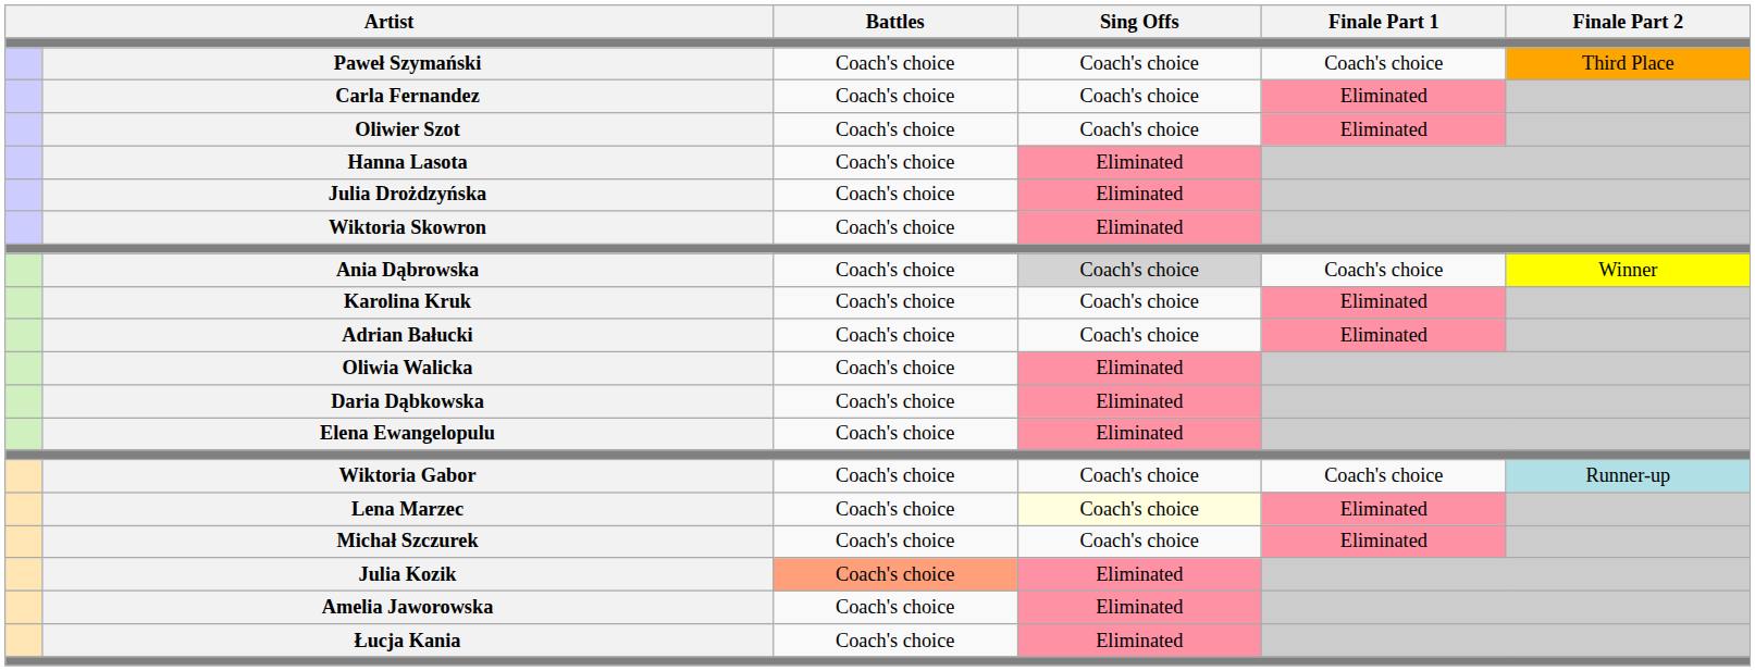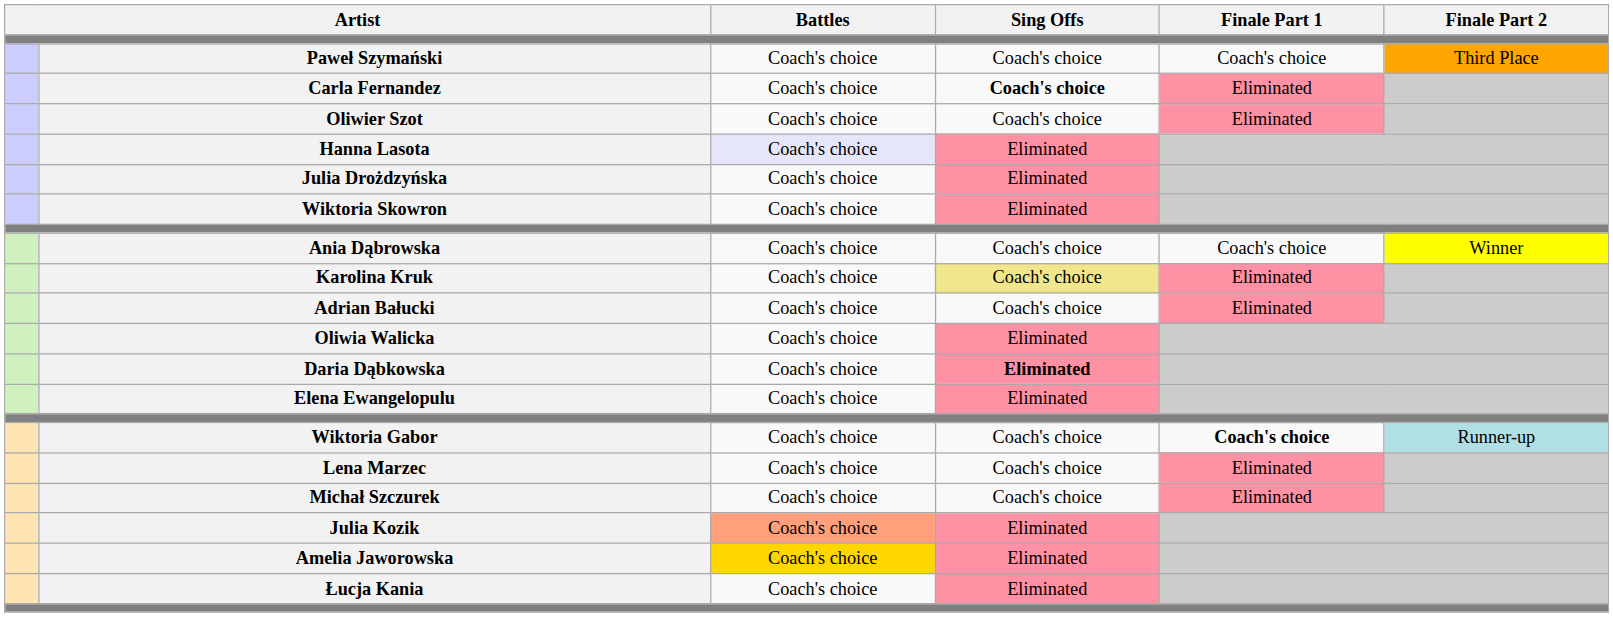 <table class="wikitable"  style="font-size:90%; text-align:center; width:100%;">
 <tr>
 <th colspan="2">Artist</th>
 <th style="width:14%;">Battles</th>
 <th style="width:14%;">Sing Offs</th>
 <th style="width:14%;">Finale Part 1</th>
 <th style="width:14%;">Finale Part 2</th>
 </tr>
 <tr>
 <th colspan="6" style="background:gray;"></th>
 </tr>
 <tr>
 <th style="background:#ccf;"></th>
 <th>Paweł Szymański</th>
 <td>Coach's choice</td>
 <td>Coach's choice</td>
 <td>Coach's choice</td>
 <td bgcolor=orange>Third Place</td>
 </tr>
 <tr>
 <th style="background:#ccf;"></th>
 <th>Carla Fernandez</th>
 <td>Coach's choice</td>
-<td>Coach's choice</td>
+<td><strong>Coach's choice</strong></td>
 <td style="background:#FF91A4;">Eliminated</td>
 <td style="background:#ccc;"></td>
 </tr>
 <tr>
 <th style="background:#ccf;"></th>
 <th>Oliwier Szot</th>
 <td>Coach's choice</td>
 <td>Coach's choice</td>
 <td style="background:#FF91A4;">Eliminated</td>
 <td style="background:#ccc;"></td>
 </tr>
 <tr>
 <th style="background:#ccf;"></th>
 <th>Hanna Lasota</th>
-<td>Coach's choice</td>
+<td style="background: lavender;">Coach's choice</td>
 <td style="background:#FF91A4;">Eliminated</td>
 <td colspan="2" style="background:#ccc;"></td>
 </tr>
 <tr>
 <th style="background:#ccf;"></th>
 <th>Julia Drożdzyńska</th>
 <td>Coach's choice</td>
 <td style="background:#FF91A4;">Eliminated</td>
 <td colspan="2" style="background:#ccc;"></td>
 </tr>
 <tr>
 <th style="background:#ccf;"></th>
 <th>Wiktoria Skowron</th>
 <td>Coach's choice</td>
 <td style="background:#FF91A4;">Eliminated</td>
 <td colspan="2" style="background:#ccc;"></td>
 </tr>
 <tr>
 <th colspan="6" style="background:gray;"></th>
 </tr>
 <tr>
 <th style="background:#d0f0c0;"></th>
 <th>Ania Dąbrowska</th>
 <td>Coach's choice</td>
-<td style="background: lightgrey;">Coach's choice</td>
+<td>Coach's choice</td>
 <td>Coach's choice</td>
 <td bgcolor=yellow>Winner</td>
 </tr>
 <tr>
 <th style="background:#d0f0c0;"></th>
 <th>Karolina Kruk</th>
 <td>Coach's choice</td>
-<td>Coach's choice</td>
+<td style="background: khaki;">Coach's choice</td>
 <td style="background:#FF91A4;">Eliminated</td>
 <td style="background:#ccc;"></td>
 </tr>
 <tr>
 <th style="background:#d0f0c0;"></th>
 <th>Adrian Bałucki</th>
 <td>Coach's choice</td>
 <td>Coach's choice</td>
 <td style="background:#FF91A4;">Eliminated</td>
 <td style="background:#ccc;"></td>
 </tr>
 <tr>
 <th style="background:#d0f0c0;"></th>
 <th>Oliwia Walicka</th>
 <td>Coach's choice</td>
 <td style="background:#FF91A4;">Eliminated</td>
 <td colspan="2" style="background:#ccc;"></td>
 </tr>
 <tr>
 <th style="background:#d0f0c0;"></th>
 <th>Daria Dąbkowska</th>
 <td>Coach's choice</td>
-<td style="background:#FF91A4;">Eliminated</td>
+<td style="background:#FF91A4;"><strong>Eliminated</strong></td>
 <td colspan="2" style="background:#ccc;"></td>
 </tr>
 <tr>
 <th style="background:#d0f0c0;"></th>
 <th>Elena Ewangelopulu</th>
 <td>Coach's choice</td>
 <td style="background:#FF91A4;">Eliminated</td>
 <td colspan="2" style="background:#ccc;"></td>
 </tr>
 <tr>
 <th colspan="9" style="background:gray;"></th>
 </tr>
 <tr>
 <th style="background:#ffe5b4;"></th>
 <th>Wiktoria Gabor</th>
 <td>Coach's choice</td>
 <td>Coach's choice</td>
-<td>Coach's choice</td>
+<td><strong>Coach's choice</strong></td>
 <td bgcolor=#b0e0e6>Runner-up</td>
 </tr>
 <tr>
 <th style="background:#ffe5b4;"></th>
 <th>Lena Marzec</th>
 <td>Coach's choice</td>
-<td style="background: lightyellow;">Coach's choice</td>
+<td>Coach's choice</td>
 <td style="background:#FF91A4;">Eliminated</td>
 <td style="background:#ccc;"></td>
 </tr>
 <tr>
 <th style="background:#ffe5b4;"></th>
 <th>Michał Szczurek</th>
 <td>Coach's choice</td>
 <td>Coach's choice</td>
 <td style="background:#FF91A4;">Eliminated</td>
 <td style="background:#ccc;"></td>
 </tr>
 <tr>
 <th style="background:#ffe5b4;"></th>
 <th>Julia Kozik</th>
 <td style="background: lightsalmon;">Coach's choice</td>
 <td style="background:#FF91A4;">Eliminated</td>
 <td colspan="2" style="background:#ccc;"></td>
 </tr>
 <tr>
 <th style="background:#ffe5b4;"></th>
 <th>Amelia Jaworowska</th>
-<td>Coach's choice</td>
+<td style="background: gold;">Coach's choice</td>
 <td style="background:#FF91A4;">Eliminated</td>
 <td colspan="2" style="background:#ccc;"></td>
 </tr>
 <tr>
 <th style="background:#ffe5b4;"></th>
 <th>Łucja Kania</th>
 <td>Coach's choice</td>
 <td style="background:#FF91A4;">Eliminated</td>
 <td colspan="2" style="background:#ccc;"></td>
 </tr>
 <tr>
 <th colspan="9" style="background:gray;"></th>
 </tr>
 <tr>
 </tr>
 </table>
